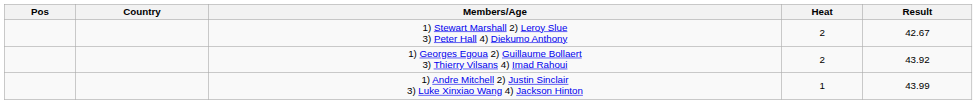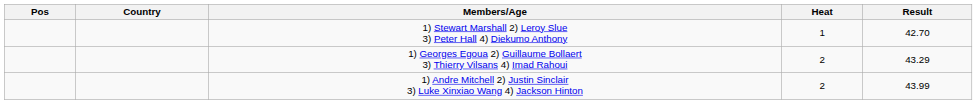 <table class="wikitable"  style="text-align:center; width:80%;">
 <tr>
 <th>Pos</th>
 <th>Country</th>
 <th>Members/Age</th>
 <th>Heat</th>
 <th>Result</th>
 </tr>
 <tr>
 <td align=center></td>
 <td align=left></td>
 <td>1) <a href='#'>Stewart Marshall</a> 2) <a href='#'>Leroy Slue</a><br>3) <a href='#'>Peter Hall</a> 4) <a href='#'>Diekumo Anthony</a></td>
-<td>2</td>
-<td>42.67</td>
+<td>1</td>
+<td>42.70</td>
 </tr>
 <tr>
 <td align=center></td>
 <td align=left></td>
 <td>1) <a href='#'>Georges Egoua</a> 2) <a href='#'>Guillaume Bollaert</a><br>3) <a href='#'>Thierry Vilsans</a> 4) <a href='#'>Imad Rahoui</a></td>
 <td>2</td>
-<td>43.92</td>
+<td>43.29</td>
 </tr>
 <tr>
 <td align=center></td>
 <td align=left></td>
 <td>1) <a href='#'>Andre Mitchell</a> 2) <a href='#'>Justin Sinclair</a><br>3) <a href='#'>Luke Xinxiao Wang</a> 4) <a href='#'>Jackson Hinton</a></td>
-<td>1</td>
+<td>2</td>
 <td>43.99</td>
 </tr>
 </table>
